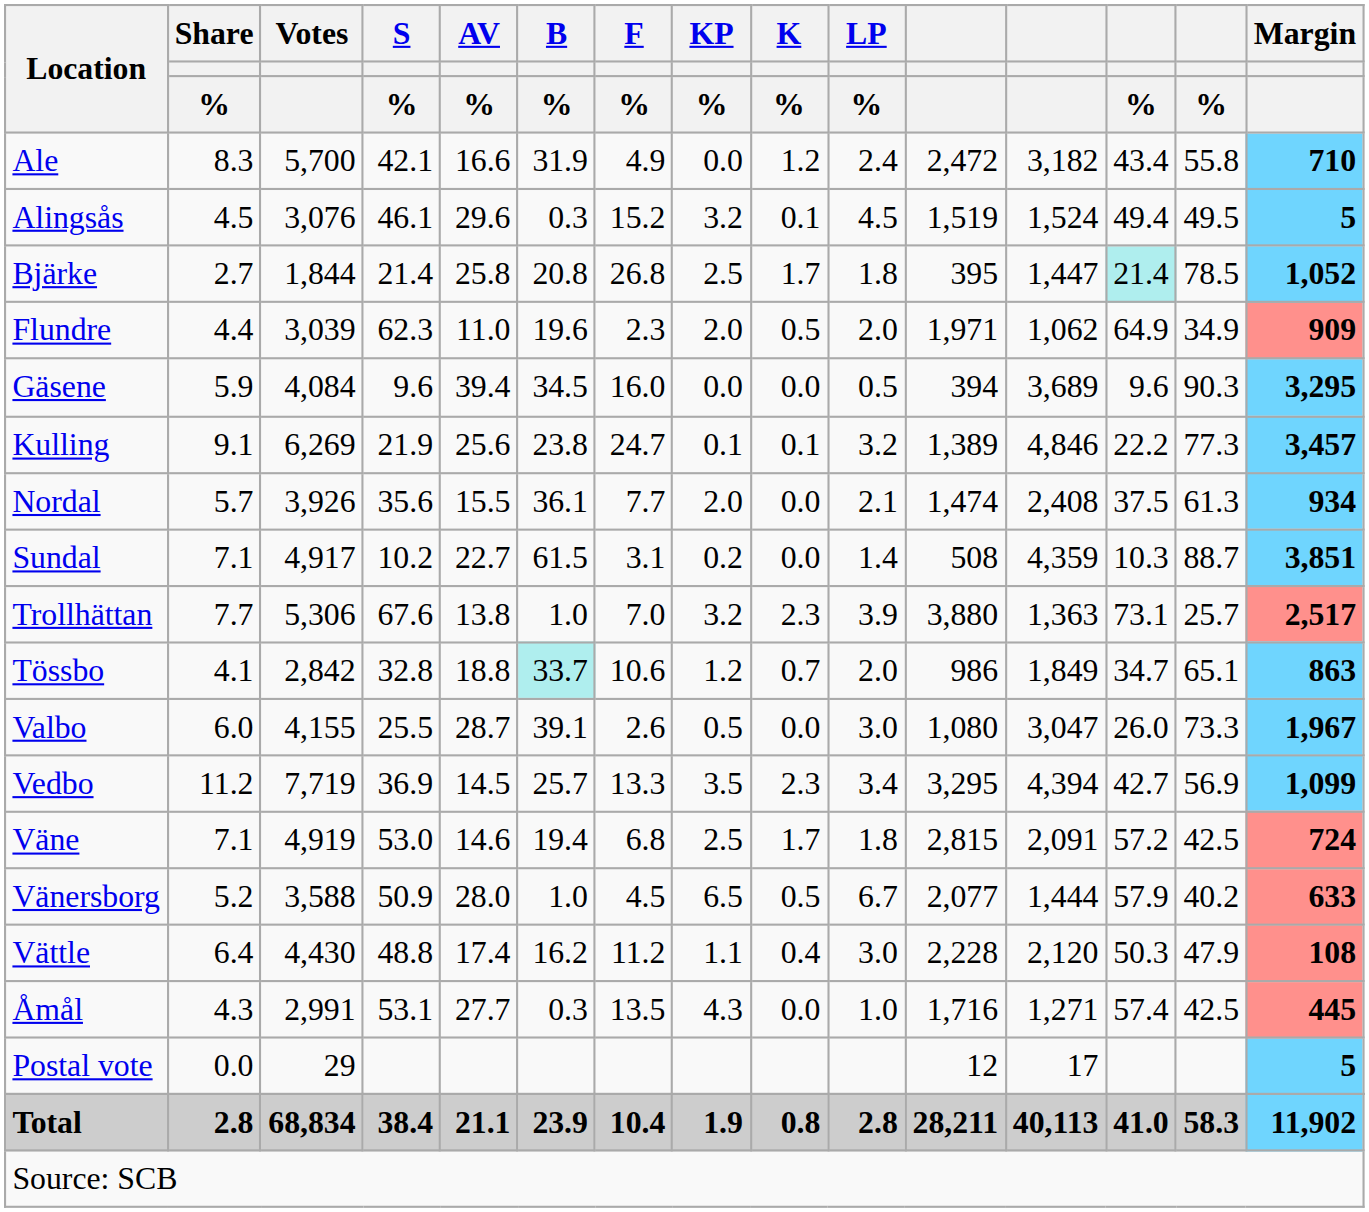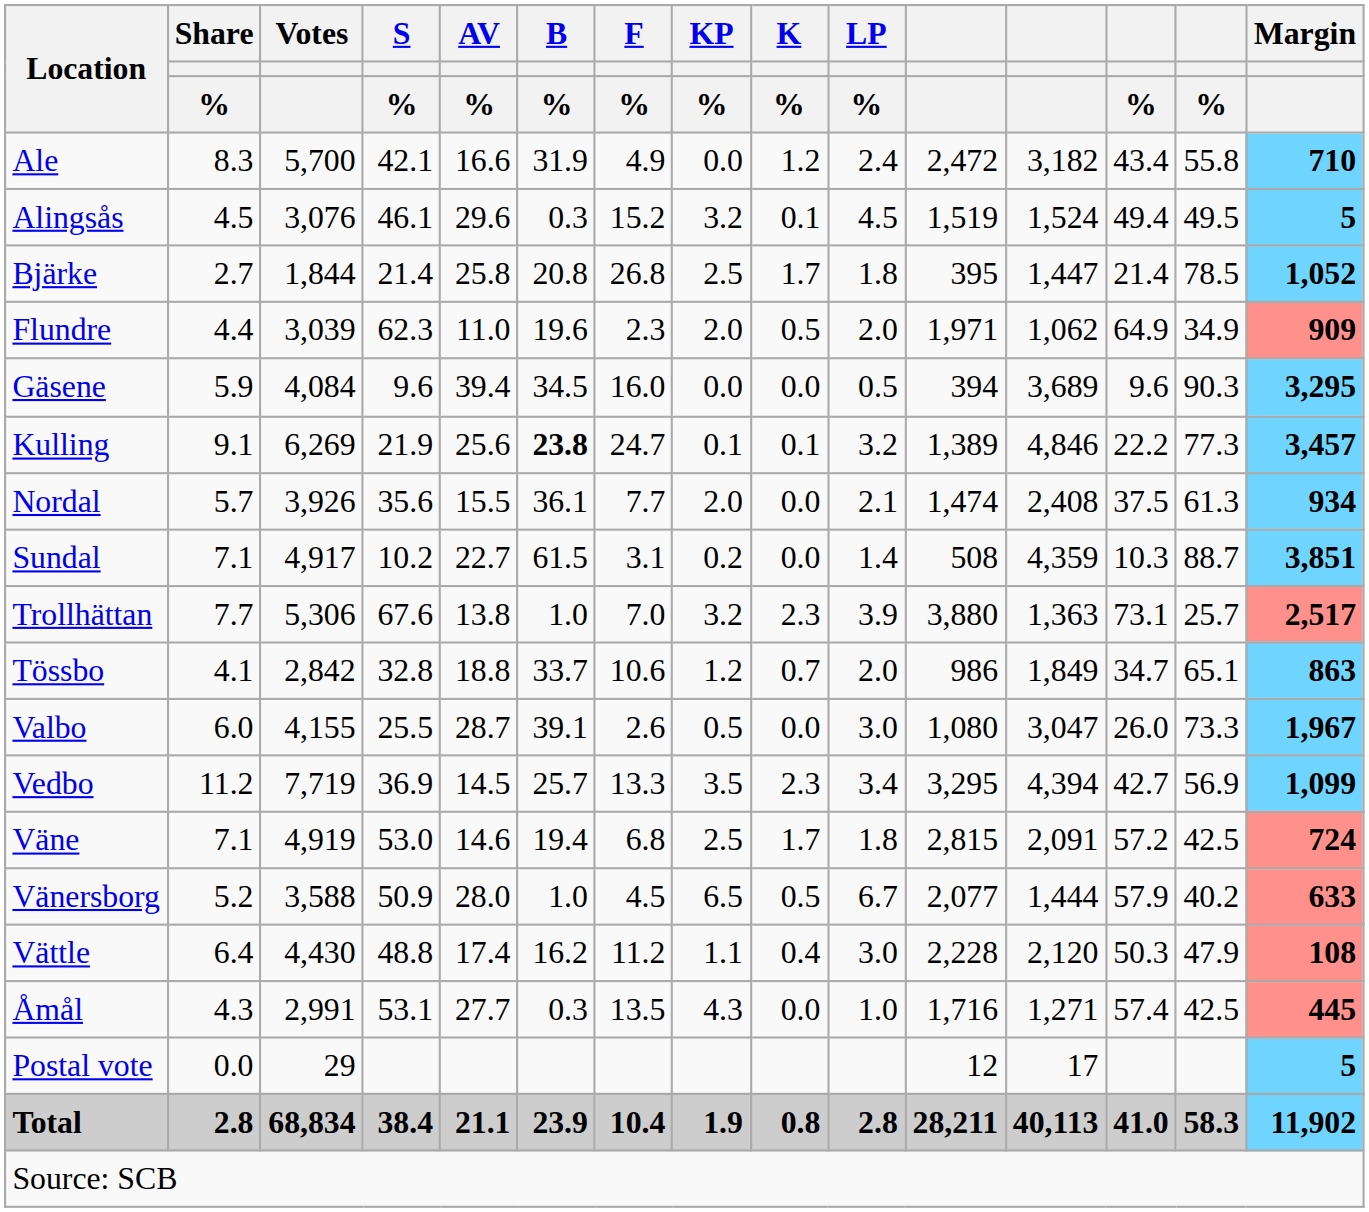 <table class="wikitable sortable" style="text-align:right; font-size:95%; line-height:20px;">
 <tr>
 <th rowspan="3">Location</th>
 <th>Share</th>
 <th>Votes</th>
 <th width="30px" class="unsortable"><a href='#'>S</a></th>
 <th width="30px" class="unsortable"><a href='#'>AV</a></th>
 <th width="30px" class="unsortable"><a href='#'>B</a></th>
 <th width="30px" class="unsortable"><a href='#'>F</a></th>
 <th width="30px" class="unsortable"><a href='#'>KP</a></th>
 <th width="30px" class="unsortable"><a href='#'>K</a></th>
 <th width="30px" class="unsortable"><a href='#'>LP</a></th>
 <th></th>
 <th></th>
 <th></th>
 <th></th>
 <th>Margin</th>
 </tr>
 <tr>
 <th></th>
 <th></th>
 <th style="background:"></th>
 <th style="background:"></th>
 <th style="background:"></th>
 <th style="background:"></th>
 <th style="background:"></th>
 <th style="background:"></th>
 <th style="background:"></th>
 <th style="background:"></th>
 <th style="background:"></th>
 <th style="background:"></th>
 <th style="background:"></th>
 <th></th>
 </tr>
 <tr>
 <th data-sort-type="number">%</th>
 <th></th>
 <th data-sort-type="number">%</th>
 <th data-sort-type="number">%</th>
 <th data-sort-type="number">%</th>
 <th data-sort-type="number">%</th>
 <th data-sort-type="number">%</th>
 <th data-sort-type="number">%</th>
 <th data-sort-type="number">%</th>
 <th></th>
 <th></th>
 <th data-sort-type="number">%</th>
 <th data-sort-type="number">%</th>
 <th></th>
 </tr>
 <tr>
 <td align=left><a href='#'>Ale</a></td>
 <td>8.3</td>
 <td>5,700</td>
 <td>42.1</td>
 <td>16.6</td>
 <td>31.9</td>
 <td>4.9</td>
 <td>0.0</td>
 <td>1.2</td>
 <td>2.4</td>
 <td>2,472</td>
 <td>3,182</td>
 <td>43.4</td>
 <td>55.8</td>
 <td bgcolor=#6fd5fe><strong>710</strong></td>
 </tr>
 <tr>
 <td align=left><a href='#'>Alingsås</a></td>
 <td>4.5</td>
 <td>3,076</td>
 <td>46.1</td>
 <td>29.6</td>
 <td>0.3</td>
 <td>15.2</td>
 <td>3.2</td>
 <td>0.1</td>
 <td>4.5</td>
 <td>1,519</td>
 <td>1,524</td>
 <td>49.4</td>
 <td>49.5</td>
 <td bgcolor=#6fd5fe><strong>5</strong></td>
 </tr>
 <tr>
 <td align=left><a href='#'>Bjärke</a></td>
 <td>2.7</td>
 <td>1,844</td>
 <td>21.4</td>
 <td>25.8</td>
 <td>20.8</td>
 <td>26.8</td>
 <td>2.5</td>
 <td>1.7</td>
 <td>1.8</td>
 <td>395</td>
 <td>1,447</td>
-<td style="background: paleturquoise;">21.4</td>
+<td>21.4</td>
 <td>78.5</td>
 <td bgcolor=#6fd5fe><strong>1,052</strong></td>
 </tr>
 <tr>
 <td align=left><a href='#'>Flundre</a></td>
 <td>4.4</td>
 <td>3,039</td>
 <td>62.3</td>
 <td>11.0</td>
 <td>19.6</td>
 <td>2.3</td>
 <td>2.0</td>
 <td>0.5</td>
 <td>2.0</td>
 <td>1,971</td>
 <td>1,062</td>
 <td>64.9</td>
 <td>34.9</td>
 <td bgcolor=#ff908c><strong>909</strong></td>
 </tr>
 <tr>
 <td align=left><a href='#'>Gäsene</a></td>
 <td>5.9</td>
 <td>4,084</td>
 <td>9.6</td>
 <td>39.4</td>
 <td>34.5</td>
 <td>16.0</td>
 <td>0.0</td>
 <td>0.0</td>
 <td>0.5</td>
 <td>394</td>
 <td>3,689</td>
 <td>9.6</td>
 <td>90.3</td>
 <td bgcolor=#6fd5fe><strong>3,295</strong></td>
 </tr>
 <tr>
 <td align=left><a href='#'>Kulling</a></td>
 <td>9.1</td>
 <td>6,269</td>
 <td>21.9</td>
 <td>25.6</td>
-<td>23.8</td>
+<td><strong>23.8</strong></td>
 <td>24.7</td>
 <td>0.1</td>
 <td>0.1</td>
 <td>3.2</td>
 <td>1,389</td>
 <td>4,846</td>
 <td>22.2</td>
 <td>77.3</td>
 <td bgcolor=#6fd5fe><strong>3,457</strong></td>
 </tr>
 <tr>
 <td align=left><a href='#'>Nordal</a></td>
 <td>5.7</td>
 <td>3,926</td>
 <td>35.6</td>
 <td>15.5</td>
 <td>36.1</td>
 <td>7.7</td>
 <td>2.0</td>
 <td>0.0</td>
 <td>2.1</td>
 <td>1,474</td>
 <td>2,408</td>
 <td>37.5</td>
 <td>61.3</td>
 <td bgcolor=#6fd5fe><strong>934</strong></td>
 </tr>
 <tr>
 <td align=left><a href='#'>Sundal</a></td>
 <td>7.1</td>
 <td>4,917</td>
 <td>10.2</td>
 <td>22.7</td>
 <td>61.5</td>
 <td>3.1</td>
 <td>0.2</td>
 <td>0.0</td>
 <td>1.4</td>
 <td>508</td>
 <td>4,359</td>
 <td>10.3</td>
 <td>88.7</td>
 <td bgcolor=#6fd5fe><strong>3,851</strong></td>
 </tr>
 <tr>
 <td align=left><a href='#'>Trollhättan</a></td>
 <td>7.7</td>
 <td>5,306</td>
 <td>67.6</td>
 <td>13.8</td>
 <td>1.0</td>
 <td>7.0</td>
 <td>3.2</td>
 <td>2.3</td>
 <td>3.9</td>
 <td>3,880</td>
 <td>1,363</td>
 <td>73.1</td>
 <td>25.7</td>
 <td bgcolor=#ff908c><strong>2,517</strong></td>
 </tr>
 <tr>
 <td align=left><a href='#'>Tössbo</a></td>
 <td>4.1</td>
 <td>2,842</td>
 <td>32.8</td>
 <td>18.8</td>
-<td style="background: paleturquoise;">33.7</td>
+<td>33.7</td>
 <td>10.6</td>
 <td>1.2</td>
 <td>0.7</td>
 <td>2.0</td>
 <td>986</td>
 <td>1,849</td>
 <td>34.7</td>
 <td>65.1</td>
 <td bgcolor=#6fd5fe><strong>863</strong></td>
 </tr>
 <tr>
 <td align=left><a href='#'>Valbo</a></td>
 <td>6.0</td>
 <td>4,155</td>
 <td>25.5</td>
 <td>28.7</td>
 <td>39.1</td>
 <td>2.6</td>
 <td>0.5</td>
 <td>0.0</td>
 <td>3.0</td>
 <td>1,080</td>
 <td>3,047</td>
 <td>26.0</td>
 <td>73.3</td>
 <td bgcolor=#6fd5fe><strong>1,967</strong></td>
 </tr>
 <tr>
 <td align=left><a href='#'>Vedbo</a></td>
 <td>11.2</td>
 <td>7,719</td>
 <td>36.9</td>
 <td>14.5</td>
 <td>25.7</td>
 <td>13.3</td>
 <td>3.5</td>
 <td>2.3</td>
 <td>3.4</td>
 <td>3,295</td>
 <td>4,394</td>
 <td>42.7</td>
 <td>56.9</td>
 <td bgcolor=#6fd5fe><strong>1,099</strong></td>
 </tr>
 <tr>
 <td align=left><a href='#'>Väne</a></td>
 <td>7.1</td>
 <td>4,919</td>
 <td>53.0</td>
 <td>14.6</td>
 <td>19.4</td>
 <td>6.8</td>
 <td>2.5</td>
 <td>1.7</td>
 <td>1.8</td>
 <td>2,815</td>
 <td>2,091</td>
 <td>57.2</td>
 <td>42.5</td>
 <td bgcolor=#ff908c><strong>724</strong></td>
 </tr>
 <tr>
 <td align=left><a href='#'>Vänersborg</a></td>
 <td>5.2</td>
 <td>3,588</td>
 <td>50.9</td>
 <td>28.0</td>
 <td>1.0</td>
 <td>4.5</td>
 <td>6.5</td>
 <td>0.5</td>
 <td>6.7</td>
 <td>2,077</td>
 <td>1,444</td>
 <td>57.9</td>
 <td>40.2</td>
 <td bgcolor=#ff908c><strong>633</strong></td>
 </tr>
 <tr>
 <td align=left><a href='#'>Vättle</a></td>
 <td>6.4</td>
 <td>4,430</td>
 <td>48.8</td>
 <td>17.4</td>
 <td>16.2</td>
 <td>11.2</td>
 <td>1.1</td>
 <td>0.4</td>
 <td>3.0</td>
 <td>2,228</td>
 <td>2,120</td>
 <td>50.3</td>
 <td>47.9</td>
 <td bgcolor=#ff908c><strong>108</strong></td>
 </tr>
 <tr>
 <td align=left><a href='#'>Åmål</a></td>
 <td>4.3</td>
 <td>2,991</td>
 <td>53.1</td>
 <td>27.7</td>
 <td>0.3</td>
 <td>13.5</td>
 <td>4.3</td>
 <td>0.0</td>
 <td>1.0</td>
 <td>1,716</td>
 <td>1,271</td>
 <td>57.4</td>
 <td>42.5</td>
 <td bgcolor=#ff908c><strong>445</strong></td>
 </tr>
 <tr>
 <td align=left><a href='#'>Postal vote</a></td>
 <td>0.0</td>
 <td>29</td>
 <td></td>
 <td></td>
 <td></td>
 <td></td>
 <td></td>
 <td></td>
 <td></td>
 <td>12</td>
 <td>17</td>
 <td></td>
 <td></td>
 <td bgcolor=#6fd5fe><strong>5</strong></td>
 </tr>
 <tr>
 </tr>
 <tr style="background:#CDCDCD;">
 <td align=left><strong>Total</strong></td>
 <td><strong>2.8</strong></td>
 <td><strong>68,834</strong></td>
 <td><strong>38.4</strong></td>
 <td><strong>21.1</strong></td>
 <td><strong>23.9</strong></td>
 <td><strong>10.4</strong></td>
 <td><strong>1.9</strong></td>
 <td><strong>0.8</strong></td>
 <td><strong>2.8</strong></td>
 <td><strong>28,211</strong></td>
 <td><strong>40,113</strong></td>
 <td><strong>41.0</strong></td>
 <td><strong>58.3</strong></td>
 <td bgcolor=#6fd5fe><strong>11,902</strong></td>
 </tr>
 <tr>
 <td align=left colspan=15>Source: SCB </td>
 </tr>
 </table>
